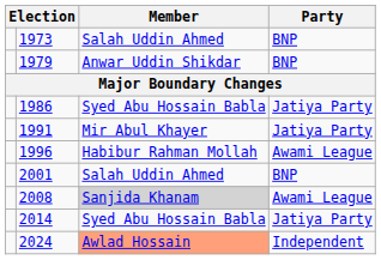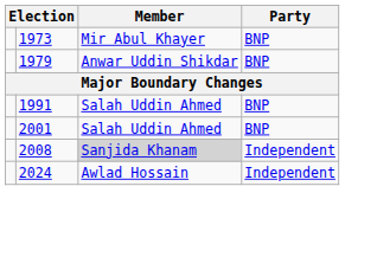 <table class="wikitable">
 <tr>
 <th colspan="2">Election</th>
 <th>Member</th>
 <th>Party</th>
 </tr>
 <tr>
 <td style="background-color:"></td>
 <td><a href='#'>1973</a></td>
-<td><a href='#'>Salah Uddin Ahmed</a></td>
+<td><a href='#'>Mir Abul Khayer</a></td>
 <td><a href='#'>BNP</a></td>
 </tr>
 <tr>
 <td style="background-color:"></td>
 <td><a href='#'>1979</a></td>
 <td><a href='#'>Anwar Uddin Shikdar</a></td>
 <td><a href='#'>BNP</a></td>
 </tr>
 <tr>
 <th colspan="4">Major Boundary Changes</th>
 </tr>
 <tr>
 <td style="background-color:"></td>
-<td><a href='#'>1986</a></td>
-<td><a href='#'>Syed Abu Hossain Babla</a></td>
-<td><a href='#'>Jatiya Party</a></td>
-</tr>
-<tr>
-<td style="background-color:"></td>
 <td><a href='#'>1991</a></td>
-<td><a href='#'>Mir Abul Khayer</a></td>
-<td><a href='#'>Jatiya Party</a></td>
-</tr>
-<tr>
-<td style="background-color:"></td>
-<td><a href='#'>1996</a></td>
-<td><a href='#'>Habibur Rahman Mollah</a></td>
-<td><a href='#'>Awami League</a></td>
+<td><a href='#'>Salah Uddin Ahmed</a></td>
+<td><a href='#'>BNP</a></td>
 </tr>
 <tr>
 <td style="background-color:"></td>
 <td><a href='#'>2001</a></td>
 <td><a href='#'>Salah Uddin Ahmed</a></td>
 <td><a href='#'>BNP</a></td>
 </tr>
 <tr>
 <td style="background-color:"></td>
 <td><a href='#'>2008</a></td>
 <td style="background: lightgrey;"><a href='#'>Sanjida Khanam</a></td>
-<td><a href='#'>Awami League</a></td>
-</tr>
-<tr>
-<td style="background-color:"></td>
-<td><a href='#'>2014</a></td>
-<td><a href='#'>Syed Abu Hossain Babla</a></td>
-<td><a href='#'>Jatiya Party</a></td>
+<td><a href='#'>Independent</a></td>
 </tr>
 <tr>
 <td style="background-color:"></td>
 <td><a href='#'>2024</a></td>
-<td style="background: lightsalmon;"><a href='#'>Awlad Hossain</a></td>
+<td><a href='#'>Awlad Hossain</a></td>
 <td><a href='#'>Independent</a></td>
 </tr>
 </table>
